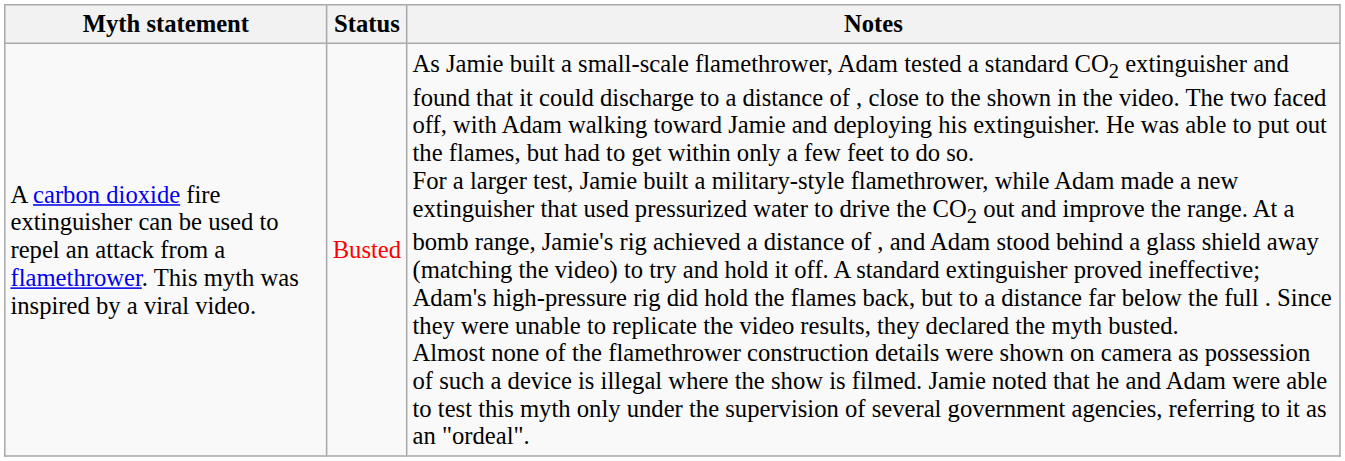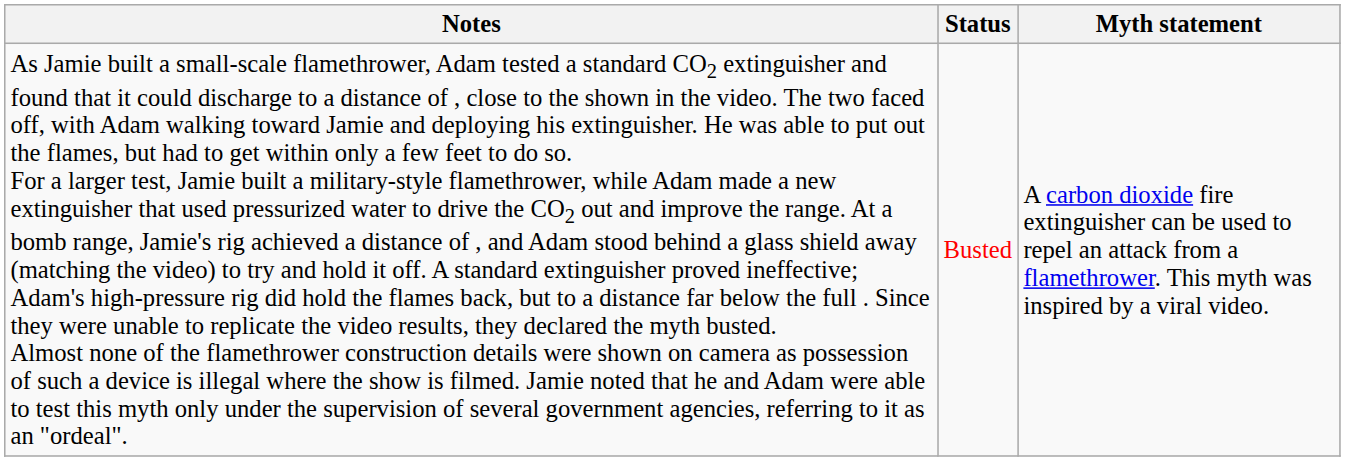 <table class="wikitable plainrowheaders">
 <tr>
+<th>Notes</th>
+<th>Status</th>
 <th>Myth statement</th>
-<th>Status</th>
-<th>Notes</th>
 </tr>
 <tr>
+<td>As Jamie built a small-scale flamethrower, Adam tested a standard CO<sub>2</sub> extinguisher and found that it could discharge to a distance of , close to the  shown in the video. The two faced off, with Adam walking toward Jamie and deploying his extinguisher. He was able to put out the flames, but had to get within only a few feet to do so.<br>For a larger test, Jamie built a military-style flamethrower, while Adam made a new extinguisher that used pressurized water to drive the CO<sub>2</sub> out and improve the range. At a bomb range, Jamie's rig achieved a distance of , and Adam stood behind a glass shield  away (matching the video) to try and hold it off. A standard extinguisher proved ineffective; Adam's high-pressure rig did hold the flames back, but to a distance far below the full . Since they were unable to replicate the video results, they declared the myth busted.<br>Almost none of the flamethrower construction details were shown on camera as possession of such a device is illegal where the show is filmed. Jamie noted that he and Adam were able to test this myth only under the supervision of several government agencies, referring to it as an "ordeal".</td>
+<td style="color:red">Busted</td>
 <td>A <a href='#'>carbon dioxide</a> fire extinguisher can be used to repel an attack from a <a href='#'>flamethrower</a>. This myth was inspired by a viral video.</td>
-<td style="color:red">Busted</td>
-<td>As Jamie built a small-scale flamethrower, Adam tested a standard CO<sub>2</sub> extinguisher and found that it could discharge to a distance of , close to the  shown in the video. The two faced off, with Adam walking toward Jamie and deploying his extinguisher. He was able to put out the flames, but had to get within only a few feet to do so.<br>For a larger test, Jamie built a military-style flamethrower, while Adam made a new extinguisher that used pressurized water to drive the CO<sub>2</sub> out and improve the range. At a bomb range, Jamie's rig achieved a distance of , and Adam stood behind a glass shield  away (matching the video) to try and hold it off. A standard extinguisher proved ineffective; Adam's high-pressure rig did hold the flames back, but to a distance far below the full . Since they were unable to replicate the video results, they declared the myth busted.<br>Almost none of the flamethrower construction details were shown on camera as possession of such a device is illegal where the show is filmed. Jamie noted that he and Adam were able to test this myth only under the supervision of several government agencies, referring to it as an "ordeal".</td>
 </tr>
 </table>
